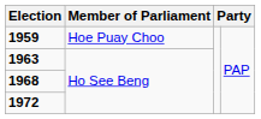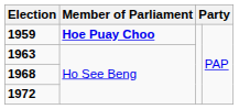 <table class="wikitable">
 <tr>
 <th>Election</th>
 <th>Member of Parliament</th>
 <th colspan="2">Party</th>
 </tr>
 <tr>
 <td><strong>1959</strong></td>
-<td><a href='#'>Hoe Puay Choo</a></td>
+<td><strong><a href='#'>Hoe Puay Choo</a></strong></td>
 <td rowspan="4"></td>
 <td rowspan="4"><a href='#'>PAP</a></td>
 </tr>
 <tr>
 <td><strong>1963</strong></td>
 <td rowspan="3"><a href='#'>Ho See Beng</a></td>
 </tr>
 <tr>
 <td><strong>1968</strong></td>
 </tr>
 <tr>
 <td><strong>1972</strong></td>
 </tr>
 </table>
